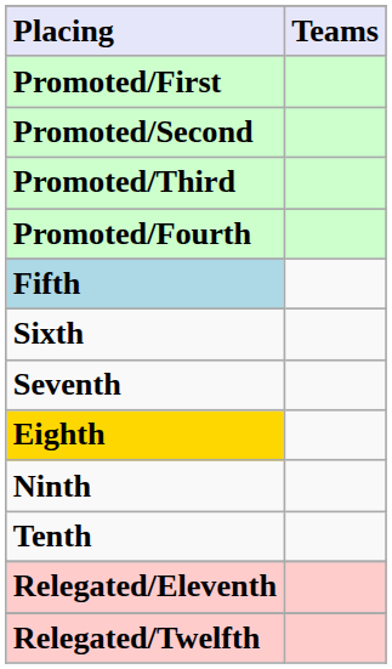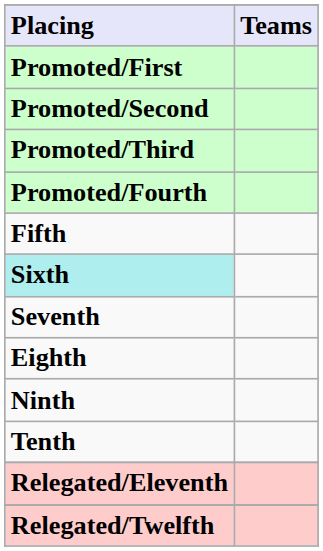 <table class=wikitable>
 <tr>
 </tr>
 <tr style="background: #E6E6FA;">
 <td><strong>Placing</strong></td>
 <td colspan="4" style="text-align:center"><strong>Teams</strong></td>
 </tr>
 <tr style="background: #ccffcc;">
 <td><strong>Promoted/First</strong></td>
 <td colspan=2><strong></strong></td>
 </tr>
 <tr style="background: #ccffcc;">
 <td><strong>Promoted/Second</strong></td>
 <td colspan=2><strong></strong></td>
 </tr>
 <tr style="background: #ccffcc;">
 <td><strong>Promoted/Third</strong></td>
 <td colspan=2><strong></strong></td>
 </tr>
 <tr style="background: #ccffcc;">
 <td><strong>Promoted/Fourth</strong></td>
 <td colspan=2><strong></strong></td>
 </tr>
 <tr>
-<td style="background: lightblue;"><strong>Fifth</strong></td>
+<td><strong>Fifth</strong></td>
 <td colspan=2></td>
 </tr>
 <tr>
-<td><strong>Sixth</strong></td>
+<td style="background: paleturquoise;"><strong>Sixth</strong></td>
 <td colspan=2></td>
 </tr>
 <tr>
 <td><strong>Seventh</strong></td>
 <td colspan=2></td>
 </tr>
 <tr>
-<td style="background: gold;"><strong>Eighth</strong></td>
+<td><strong>Eighth</strong></td>
 <td colspan=2></td>
 </tr>
 <tr>
 <td><strong>Ninth</strong></td>
 <td colspan=2></td>
 </tr>
 <tr>
 <td><strong>Tenth</strong></td>
 <td colspan=2></td>
 </tr>
 <tr>
 </tr>
 <tr style="background: #ffcccc;">
 <td><strong>Relegated/Eleventh</strong></td>
 <td colspan=2><em></em></td>
 </tr>
 <tr>
 </tr>
 <tr style="background: #ffcccc;">
 <td><strong>Relegated/Twelfth</strong></td>
 <td colspan=2><em></em></td>
 </tr>
 </table>
